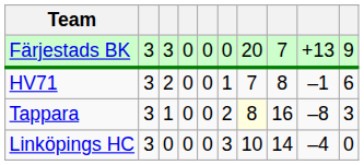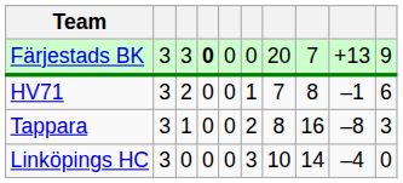 <table class="wikitable sortable">
 <tr>
 <th>Team</th>
 <th></th>
 <th></th>
 <th></th>
 <th></th>
 <th></th>
 <th></th>
 <th></th>
 <th></th>
 <th></th>
 </tr>
 <tr align="center" style="border-bottom:3px solid green;" bgcolor="#CCFFCC">
 <td align="left"> <a href='#'>Färjestads BK</a></td>
 <td>3</td>
 <td>3</td>
-<td>0</td>
+<td><strong>0</strong></td>
 <td>0</td>
 <td>0</td>
 <td>20</td>
 <td>7</td>
 <td>+13</td>
 <td>9</td>
 </tr>
 <tr align="center">
 <td align="left"> <a href='#'>HV71</a></td>
 <td>3</td>
 <td>2</td>
 <td>0</td>
 <td>0</td>
 <td>1</td>
 <td>7</td>
 <td>8</td>
 <td>–1</td>
 <td>6</td>
 </tr>
 <tr align="center">
 <td align="left"> <a href='#'>Tappara</a></td>
 <td>3</td>
 <td>1</td>
 <td>0</td>
 <td>0</td>
 <td>2</td>
-<td style="background: lightyellow;">8</td>
+<td>8</td>
 <td>16</td>
 <td>–8</td>
 <td>3</td>
 </tr>
 <tr align="center">
 <td align="left"> <a href='#'>Linköpings HC</a></td>
 <td>3</td>
 <td>0</td>
 <td>0</td>
 <td>0</td>
 <td>3</td>
 <td>10</td>
 <td>14</td>
 <td>–4</td>
 <td>0</td>
 </tr>
 </table>
